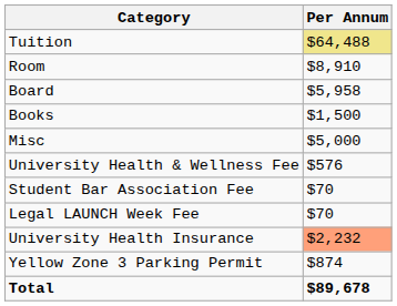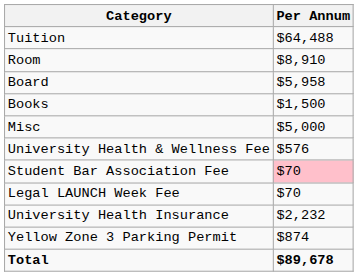 <table class="wikitable">
 <tr>
 <th>Category</th>
 <th>Per Annum</th>
 </tr>
 <tr>
 <td>Tuition</td>
-<td style="background: khaki;">$64,488</td>
+<td>$64,488</td>
 </tr>
 <tr>
 <td>Room</td>
 <td>$8,910</td>
 </tr>
 <tr>
 <td>Board</td>
 <td>$5,958</td>
 </tr>
 <tr>
 <td>Books</td>
 <td>$1,500</td>
 </tr>
 <tr>
 <td>Misc</td>
 <td>$5,000</td>
 </tr>
 <tr>
 <td>University Health & Wellness Fee</td>
 <td>$576</td>
 </tr>
 <tr>
 <td>Student Bar Association Fee</td>
-<td>$70</td>
+<td style="background: pink;">$70</td>
 </tr>
 <tr>
 <td>Legal LAUNCH Week Fee</td>
 <td>$70</td>
 </tr>
 <tr>
 <td>University Health Insurance</td>
-<td style="background: lightsalmon;">$2,232</td>
+<td>$2,232</td>
 </tr>
 <tr>
 <td>Yellow Zone 3 Parking Permit</td>
 <td>$874</td>
 </tr>
 <tr>
 <td><strong>Total</strong></td>
 <td><strong>$89,678</strong></td>
 </tr>
 </table>
